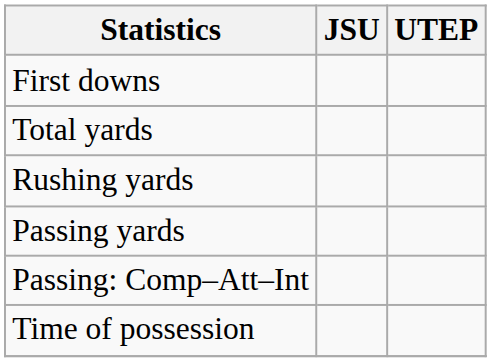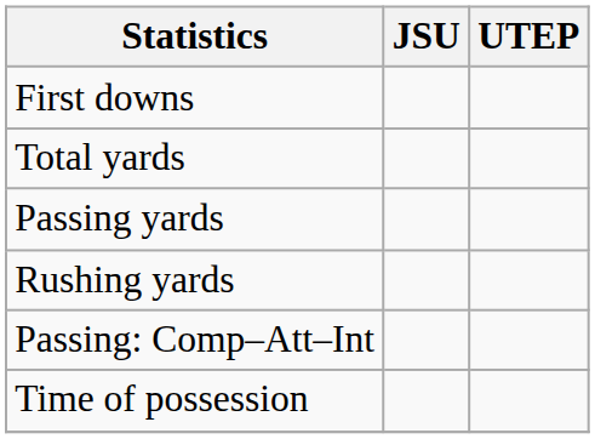 <table class="wikitable" style="float: left;">
 <tr>
 <th>Statistics</th>
 <th>JSU</th>
 <th>UTEP</th>
 </tr>
 <tr>
 <td>First downs</td>
 <td></td>
 <td></td>
 </tr>
 <tr>
 <td>Total yards</td>
 <td></td>
 <td></td>
 </tr>
 <tr>
-<td>Rushing yards</td>
+<td>Passing yards</td>
 <td></td>
 <td></td>
 </tr>
 <tr>
-<td>Passing yards</td>
+<td>Rushing yards</td>
 <td></td>
 <td></td>
 </tr>
 <tr>
 <td>Passing: Comp–Att–Int</td>
 <td></td>
 <td></td>
 </tr>
 <tr>
 <td>Time of possession</td>
 <td></td>
 <td></td>
 </tr>
 <tr>
 </tr>
 </table>
